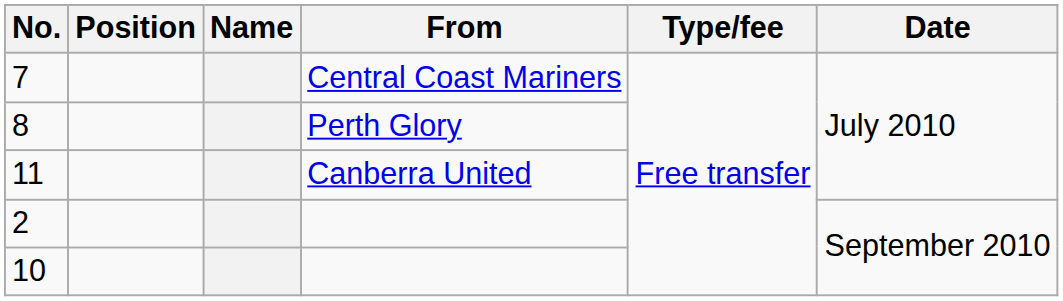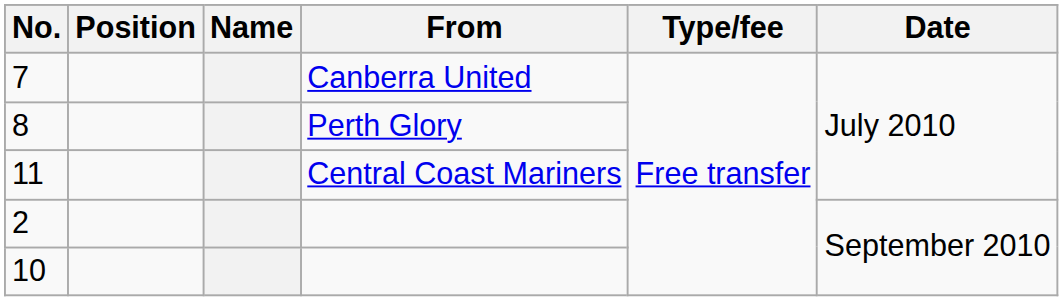 <table class="wikitable plainrowheaders sortable" style="text-align:center; text-align:left">
 <tr>
 <th>No.</th>
 <th>Position</th>
 <th>Name</th>
 <th>From</th>
 <th>Type/fee</th>
 <th>Date</th>
 </tr>
 <tr>
 <td>7</td>
 <td></td>
 <th scope="row"></th>
-<td><a href='#'>Central Coast Mariners</a></td>
+<td><a href='#'>Canberra United</a></td>
 <td rowspan="5"><a href='#'>Free transfer</a></td>
 <td rowspan="3">July 2010</td>
 </tr>
 <tr>
 <td>8</td>
 <td></td>
 <th scope="row"></th>
 <td><a href='#'>Perth Glory</a></td>
 </tr>
 <tr>
 <td>11</td>
 <td></td>
 <th scope="row"></th>
-<td><a href='#'>Canberra United</a></td>
+<td><a href='#'>Central Coast Mariners</a></td>
 </tr>
 <tr>
 <td>2</td>
 <td></td>
 <th scope="row"></th>
 <td></td>
 <td rowspan="2">September 2010</td>
 </tr>
 <tr>
 <td>10</td>
 <td></td>
 <th scope="row"></th>
 <td></td>
 </tr>
 </table>
